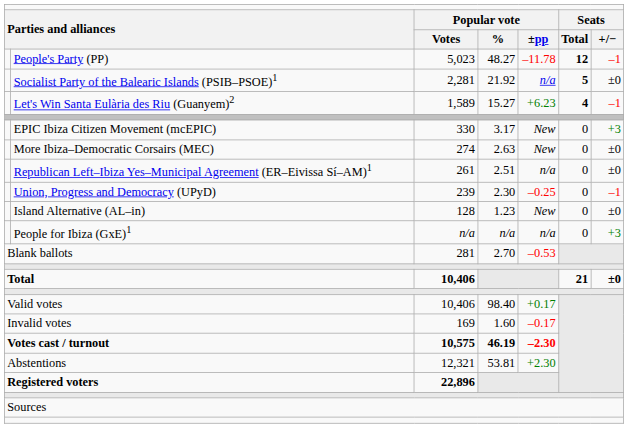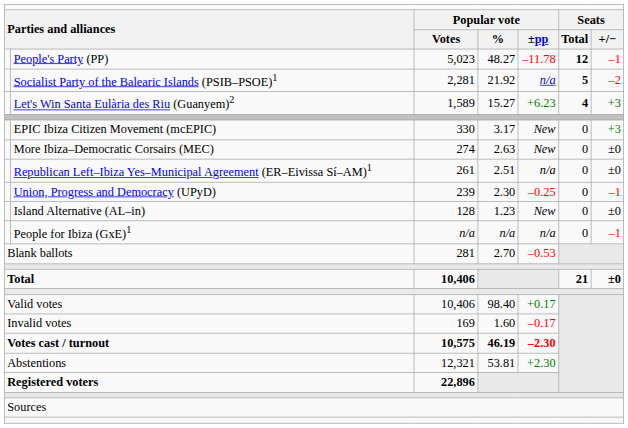 <table class="wikitable" style="text-align:right;">
 <tr>
 <td colspan="7"></td>
 </tr>
 <tr>
 <th style="text-align:left;" rowspan="2" colspan="2" width="525">Parties and alliances</th>
 <th colspan="3">Popular vote</th>
 <th colspan="2">Seats</th>
 </tr>
 <tr>
 <th width="75">Votes</th>
 <th width="45">%</th>
 <th width="45">±<a href='#'>pp</a></th>
 <th width="35">Total</th>
 <th width="35">+/−</th>
 </tr>
 <tr>
 <td width="1" style="color:inherit;background:"></td>
 <td align="left"><a href='#'>People's Party</a> (PP)</td>
 <td>5,023</td>
 <td>48.27</td>
 <td style="color:red;">–11.78</td>
 <td><strong>12</strong></td>
 <td style="color:red;">–1</td>
 </tr>
 <tr>
 <td style="color:inherit;background:"></td>
 <td align="left"><a href='#'>Socialist Party of the Balearic Islands</a> (PSIB–PSOE)<sup>1</sup></td>
 <td>2,281</td>
 <td>21.92</td>
 <td><em><a href='#'>n/a</a></em></td>
 <td><strong>5</strong></td>
-<td>±0</td>
+<td style="color:red;">–2</td>
 </tr>
 <tr>
 <td style="color:inherit;background:"></td>
 <td align="left"><a href='#'>Let's Win Santa Eulària des Riu</a> (Guanyem)<sup>2</sup></td>
 <td>1,589</td>
 <td>15.27</td>
 <td style="color:green;">+6.23</td>
 <td><strong>4</strong></td>
-<td style="color:red;">–1</td>
+<td style="color:green;">+3</td>
 </tr>
 <tr>
 <td colspan="7" bgcolor="#C0C0C0"></td>
 </tr>
 <tr>
 <td style="color:inherit;background:"></td>
 <td align="left">EPIC Ibiza Citizen Movement (mcEPIC)</td>
 <td>330</td>
 <td>3.17</td>
 <td><em>New</em></td>
 <td>0</td>
 <td style="color:green;">+3</td>
 </tr>
 <tr>
 <td style="color:inherit;background:"></td>
 <td align="left">More Ibiza–Democratic Corsairs (MEC)</td>
 <td>274</td>
 <td>2.63</td>
 <td><em>New</em></td>
 <td>0</td>
 <td>±0</td>
 </tr>
 <tr>
 <td style="color:inherit;background:"></td>
 <td align="left"><a href='#'>Republican Left–Ibiza Yes–Municipal Agreement</a> (ER–Eivissa Sí–AM)<sup>1</sup></td>
 <td>261</td>
 <td>2.51</td>
 <td><em>n/a</em></td>
 <td>0</td>
 <td>±0</td>
 </tr>
 <tr>
 <td style="color:inherit;background:"></td>
 <td align="left"><a href='#'>Union, Progress and Democracy</a> (UPyD)</td>
 <td>239</td>
 <td>2.30</td>
 <td style="color:red;">–0.25</td>
 <td>0</td>
 <td style="color:red;">–1</td>
 </tr>
 <tr>
 <td style="color:inherit;background:"></td>
 <td align="left">Island Alternative (AL–in)</td>
 <td>128</td>
 <td>1.23</td>
 <td><em>New</em></td>
 <td>0</td>
 <td>±0</td>
 </tr>
 <tr>
 <td style="color:inherit;background:"></td>
 <td align="left">People for Ibiza (GxE)<sup>1</sup></td>
 <td><em>n/a</em></td>
 <td><em>n/a</em></td>
 <td><em>n/a</em></td>
 <td>0</td>
-<td style="color:green;">+3</td>
+<td style="color:red;">–1</td>
 </tr>
 <tr>
 <td align="left" colspan="2">Blank ballots</td>
 <td>281</td>
 <td>2.70</td>
 <td style="color:red;">–0.53</td>
 <td bgcolor="#E9E9E9" colspan="2"></td>
 </tr>
 <tr>
 <td colspan="7" bgcolor="#E9E9E9"></td>
 </tr>
 <tr style="font-weight:bold;">
 <td align="left" colspan="2">Total</td>
 <td>10,406</td>
 <td bgcolor="#E9E9E9" colspan="2"></td>
 <td>21</td>
 <td>±0</td>
 </tr>
 <tr>
 <td colspan="7" bgcolor="#E9E9E9"></td>
 </tr>
 <tr>
 <td align="left" colspan="2">Valid votes</td>
 <td>10,406</td>
 <td>98.40</td>
 <td style="color:green;">+0.17</td>
 <td bgcolor="#E9E9E9" colspan="2" rowspan="5"></td>
 </tr>
 <tr>
 <td align="left" colspan="2">Invalid votes</td>
 <td>169</td>
 <td>1.60</td>
 <td style="color:red;">–0.17</td>
 </tr>
 <tr style="font-weight:bold;">
 <td align="left" colspan="2">Votes cast / turnout</td>
 <td>10,575</td>
 <td>46.19</td>
 <td style="color:red;">–2.30</td>
 </tr>
 <tr>
 <td align="left" colspan="2">Abstentions</td>
 <td>12,321</td>
 <td>53.81</td>
 <td style="color:green;">+2.30</td>
 </tr>
 <tr style="font-weight:bold;">
 <td align="left" colspan="2">Registered voters</td>
 <td>22,896</td>
 <td bgcolor="#E9E9E9" colspan="2"></td>
 </tr>
 <tr>
 <td colspan="7" bgcolor="#E9E9E9"></td>
 </tr>
 <tr>
 <td align="left" colspan="7">Sources</td>
 </tr>
 <tr>
 <td colspan="7" style="text-align:left; max-width:790px;"></td>
 </tr>
 </table>
